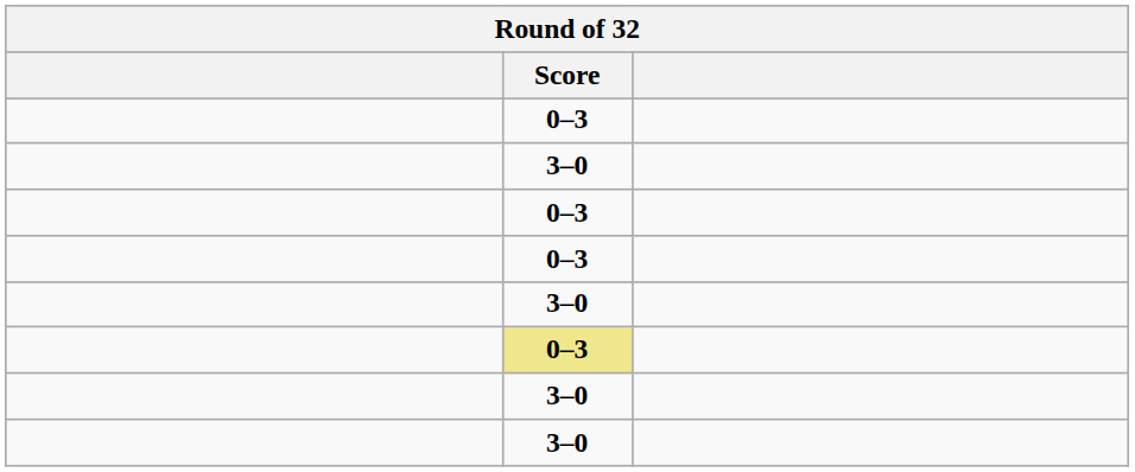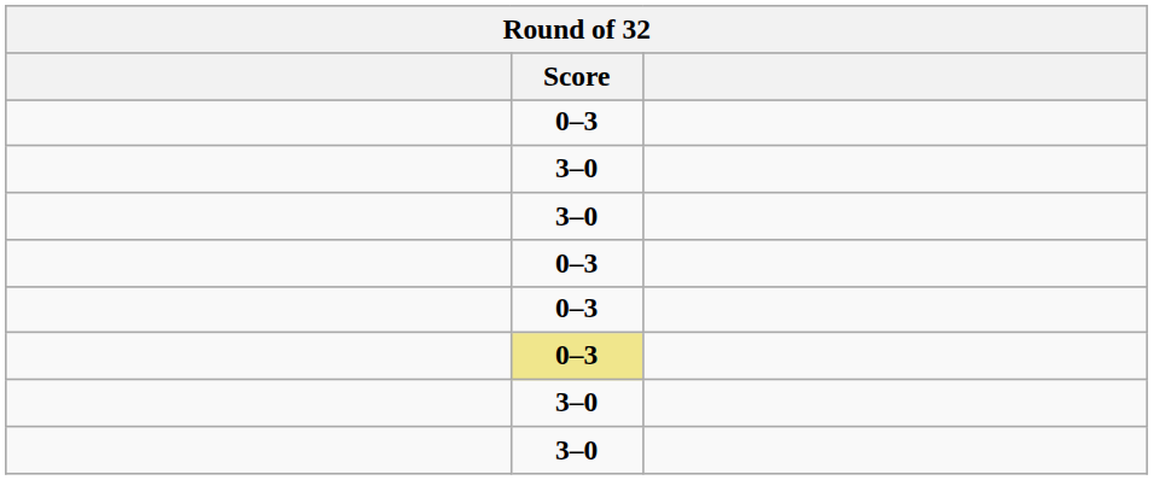 <table class="wikitable" style="text-align: center; font-size:90% ">
 <tr>
 <th colspan=3>Round of 32</th>
 </tr>
 <tr>
 <th align="right" width="250"></th>
 <th width="60">Score</th>
 <th align="left" width="250"></th>
 </tr>
 <tr>
 <td align=left></td>
 <td align=center><strong>0–3</strong></td>
 <td align=left><strong></strong></td>
 </tr>
 <tr>
 <td align=left><strong></strong></td>
 <td align=center><strong>3–0</strong></td>
 <td align=left></td>
 </tr>
 <tr>
 <td align=left></td>
-<td align=center><strong>0–3</strong></td>
+<td align=center><strong>3–0</strong></td>
 <td align=left><strong></strong></td>
 </tr>
 <tr>
 <td align=left></td>
 <td align=center><strong>0–3</strong></td>
 <td align=left><strong></strong></td>
 </tr>
 <tr>
 <td align=left><strong></strong></td>
-<td align=center><strong>3–0</strong></td>
+<td align=center><strong>0–3</strong></td>
 <td align=left></td>
 </tr>
 <tr>
 <td align=left></td>
 <td align=center style="background: khaki;"><strong>0–3</strong></td>
 <td align=left><strong></strong></td>
 </tr>
 <tr>
 <td align=left><strong></strong></td>
 <td align=center><strong>3–0</strong></td>
 <td align=left></td>
 </tr>
 <tr>
 <td align=left></td>
 <td align=center><strong>3–0</strong></td>
 <td align=left><strong></strong></td>
 </tr>
 </table>
